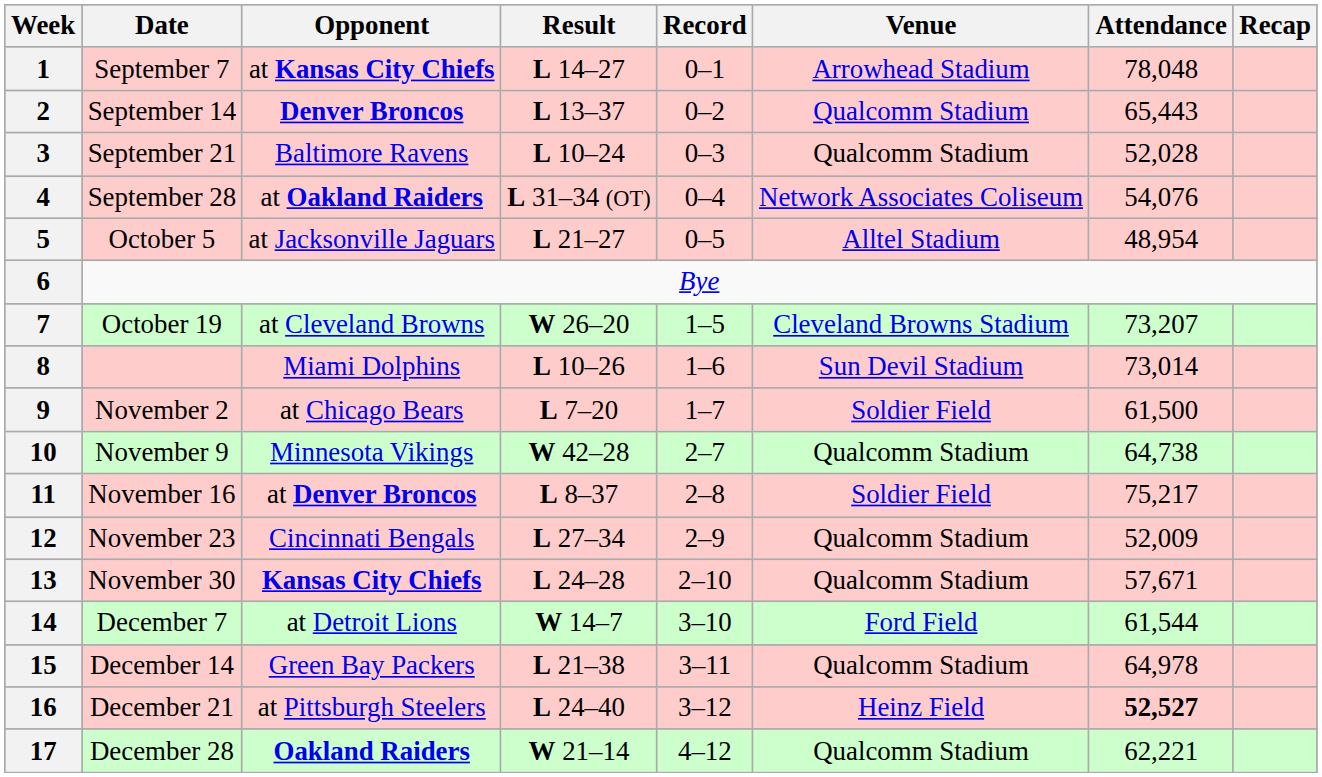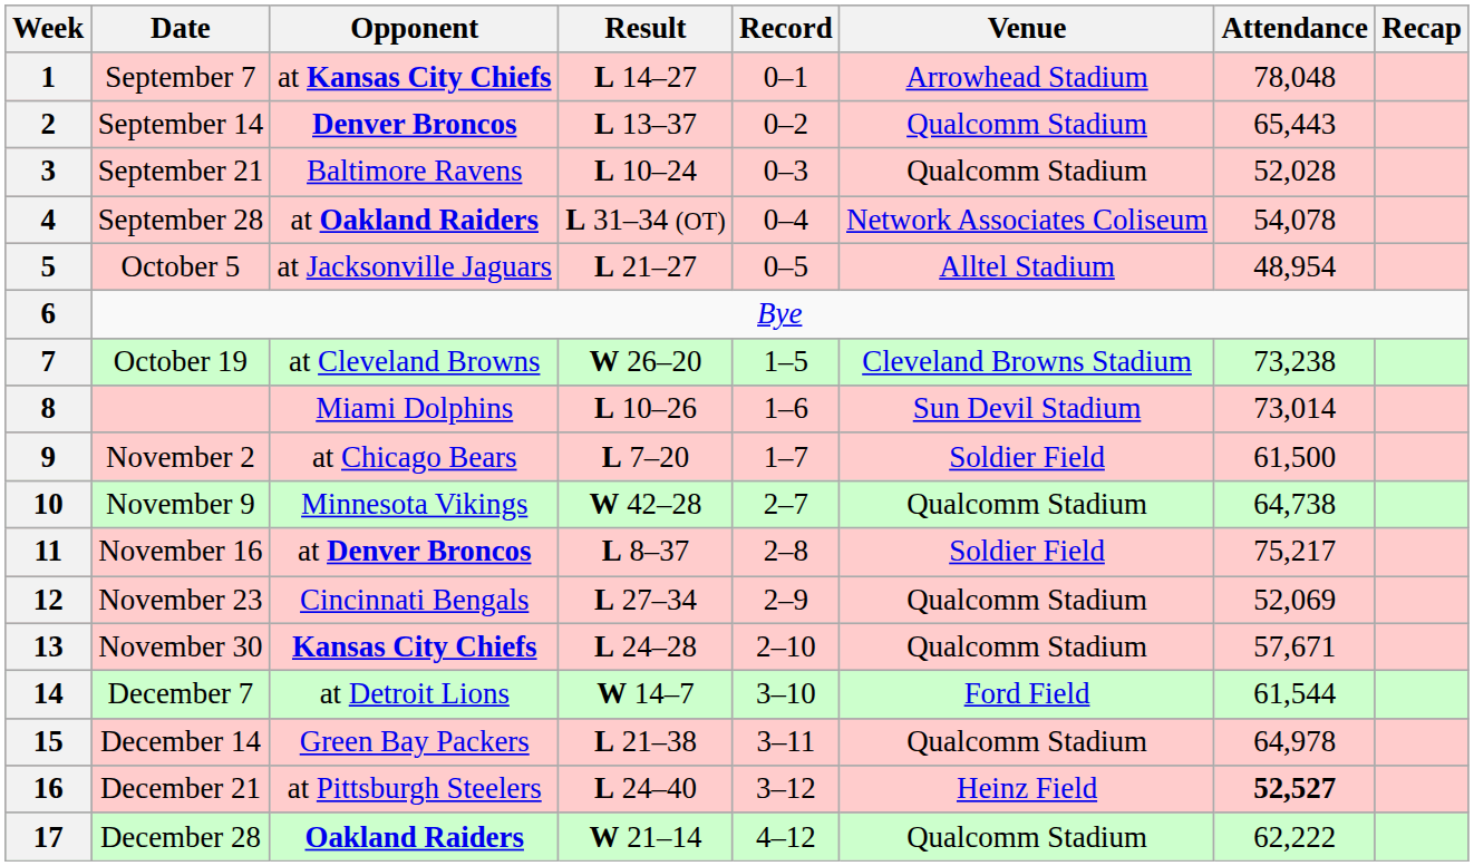 <table class="wikitable" style="text-align:center">
 <tr>
 <th>Week</th>
 <th>Date</th>
 <th>Opponent</th>
 <th>Result</th>
 <th>Record</th>
 <th>Venue</th>
 <th>Attendance</th>
 <th>Recap</th>
 </tr>
 <tr style="background: #fcc;">
 <th>1</th>
 <td>September 7</td>
 <td>at <strong><a href='#'>Kansas City Chiefs</a></strong></td>
 <td><strong>L</strong> 14–27</td>
 <td>0–1</td>
 <td><a href='#'>Arrowhead Stadium</a></td>
 <td>78,048</td>
 <td></td>
 </tr>
 <tr style="background: #fcc;">
 <th>2</th>
 <td>September 14</td>
 <td><strong><a href='#'>Denver Broncos</a></strong></td>
 <td><strong>L</strong> 13–37</td>
 <td>0–2</td>
 <td><a href='#'>Qualcomm Stadium</a></td>
 <td>65,443</td>
 <td></td>
 </tr>
 <tr style="background: #fcc;">
 <th>3</th>
 <td>September 21</td>
 <td><a href='#'>Baltimore Ravens</a></td>
 <td><strong>L</strong> 10–24</td>
 <td>0–3</td>
 <td>Qualcomm Stadium</td>
 <td>52,028</td>
 <td></td>
 </tr>
 <tr style="background: #fcc;">
 <th>4</th>
 <td>September 28</td>
 <td>at <strong><a href='#'>Oakland Raiders</a></strong></td>
 <td><strong>L</strong> 31–34 <small>(OT)</small></td>
 <td>0–4</td>
 <td><a href='#'>Network Associates Coliseum</a></td>
-<td>54,076</td>
+<td>54,078</td>
 <td></td>
 </tr>
 <tr style="background: #fcc;">
 <th>5</th>
 <td>October 5</td>
 <td>at <a href='#'>Jacksonville Jaguars</a></td>
 <td><strong>L</strong> 21–27</td>
 <td>0–5</td>
 <td><a href='#'>Alltel Stadium</a></td>
 <td>48,954</td>
 <td></td>
 </tr>
 <tr>
 <th>6</th>
 <td colspan="7"><em><a href='#'>Bye</a></em></td>
 </tr>
 <tr style="background: #cfc;">
 <th>7</th>
 <td>October 19</td>
 <td>at <a href='#'>Cleveland Browns</a></td>
 <td><strong>W</strong> 26–20</td>
 <td>1–5</td>
 <td><a href='#'>Cleveland Browns Stadium</a></td>
-<td>73,207</td>
+<td>73,238</td>
 <td></td>
 </tr>
 <tr style="background: #fcc;">
 <th>8</th>
 <td></td>
 <td><a href='#'>Miami Dolphins</a></td>
 <td><strong>L</strong> 10–26</td>
 <td>1–6</td>
 <td><a href='#'>Sun Devil Stadium</a></td>
 <td>73,014</td>
 <td></td>
 </tr>
 <tr style="background: #fcc;">
 <th>9</th>
 <td>November 2</td>
 <td>at <a href='#'>Chicago Bears</a></td>
 <td><strong>L</strong> 7–20</td>
 <td>1–7</td>
 <td><a href='#'>Soldier Field</a></td>
 <td>61,500</td>
 <td></td>
 </tr>
 <tr style="background: #cfc;">
 <th>10</th>
 <td>November 9</td>
 <td><a href='#'>Minnesota Vikings</a></td>
 <td><strong>W</strong> 42–28</td>
 <td>2–7</td>
 <td>Qualcomm Stadium</td>
 <td>64,738</td>
 <td></td>
 </tr>
 <tr style="background: #fcc;">
 <th>11</th>
 <td>November 16</td>
 <td>at <strong><a href='#'>Denver Broncos</a></strong></td>
 <td><strong>L</strong> 8–37</td>
 <td>2–8</td>
 <td><a href='#'>Soldier Field</a></td>
 <td>75,217</td>
 <td></td>
 </tr>
 <tr style="background: #fcc;">
 <th>12</th>
 <td>November 23</td>
 <td><a href='#'>Cincinnati Bengals</a></td>
 <td><strong>L</strong> 27–34</td>
 <td>2–9</td>
 <td>Qualcomm Stadium</td>
-<td>52,009</td>
+<td>52,069</td>
 <td></td>
 </tr>
 <tr style="background: #fcc;">
 <th>13</th>
 <td>November 30</td>
 <td><strong><a href='#'>Kansas City Chiefs</a></strong></td>
 <td><strong>L</strong> 24–28</td>
 <td>2–10</td>
 <td>Qualcomm Stadium</td>
 <td>57,671</td>
 <td></td>
 </tr>
 <tr style="background: #cfc;">
 <th>14</th>
 <td>December 7</td>
 <td>at <a href='#'>Detroit Lions</a></td>
 <td><strong>W</strong> 14–7</td>
 <td>3–10</td>
 <td><a href='#'>Ford Field</a></td>
 <td>61,544</td>
 <td></td>
 </tr>
 <tr style="background: #fcc;">
 <th>15</th>
 <td>December 14</td>
 <td><a href='#'>Green Bay Packers</a></td>
 <td><strong>L</strong> 21–38</td>
 <td>3–11</td>
 <td>Qualcomm Stadium</td>
 <td>64,978</td>
 <td></td>
 </tr>
 <tr style="background: #fcc;">
 <th>16</th>
 <td>December 21</td>
 <td>at <a href='#'>Pittsburgh Steelers</a></td>
 <td><strong>L</strong> 24–40</td>
 <td>3–12</td>
 <td><a href='#'>Heinz Field</a></td>
 <td><strong>52,527</strong></td>
 <td></td>
 </tr>
 <tr style="background: #cfc;">
 <th>17</th>
 <td>December 28</td>
 <td><strong><a href='#'>Oakland Raiders</a></strong></td>
 <td><strong>W</strong> 21–14</td>
 <td>4–12</td>
 <td>Qualcomm Stadium</td>
-<td>62,221</td>
+<td>62,222</td>
 <td></td>
 </tr>
 </table>
